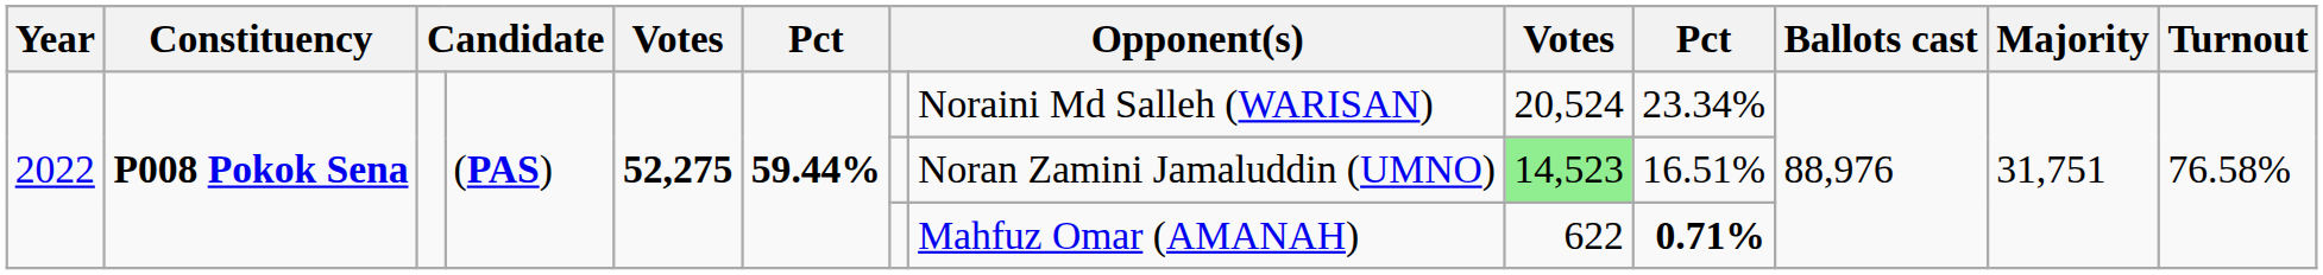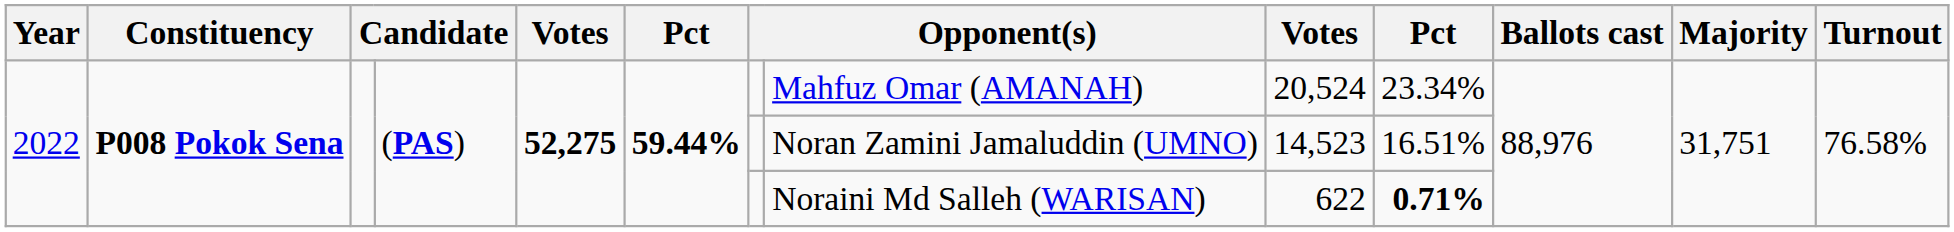 <table class="wikitable" style="margin:0.5em ; font-size:95%">
 <tr>
 <th>Year</th>
 <th>Constituency</th>
 <th colspan=2>Candidate</th>
 <th>Votes</th>
 <th>Pct</th>
 <th colspan=2>Opponent(s)</th>
 <th>Votes</th>
 <th>Pct</th>
 <th>Ballots cast</th>
 <th>Majority</th>
 <th>Turnout</th>
 </tr>
 <tr>
 <td rowspan=3><a href='#'>2022</a></td>
 <td rowspan="3"><strong>P008 <a href='#'>Pokok Sena</a></strong></td>
 <td rowspan=3 bgcolor=></td>
 <td rowspan=3> (<a href='#'><strong>PAS</strong></a>)</td>
 <td rowspan=3 align="right"><strong>52,275	</strong></td>
 <td rowspan=3><strong>59.44%</strong></td>
 <td></td>
-<td>Noraini Md Salleh (<a href='#'>WARISAN</a>)</td>
+<td><a href='#'>Mahfuz Omar</a> (<a href='#'>AMANAH</a>)</td>
 <td align="right">20,524</td>
 <td>23.34%</td>
 <td rowspan=3>88,976</td>
 <td rowspan=3>31,751</td>
 <td rowspan=3>76.58%</td>
 </tr>
 <tr>
 <td></td>
 <td>Noran Zamini Jamaluddin (<a href='#'>UMNO</a>)</td>
-<td align="right" style="background: lightgreen;">14,523</td>
+<td align="right">14,523</td>
 <td>16.51%</td>
 </tr>
 <tr>
 <td></td>
-<td><a href='#'>Mahfuz Omar</a> (<a href='#'>AMANAH</a>)</td>
+<td>Noraini Md Salleh (<a href='#'>WARISAN</a>)</td>
 <td align="right">622</td>
 <td align="right"><strong>0.71%</strong></td>
 </tr>
 </table>
